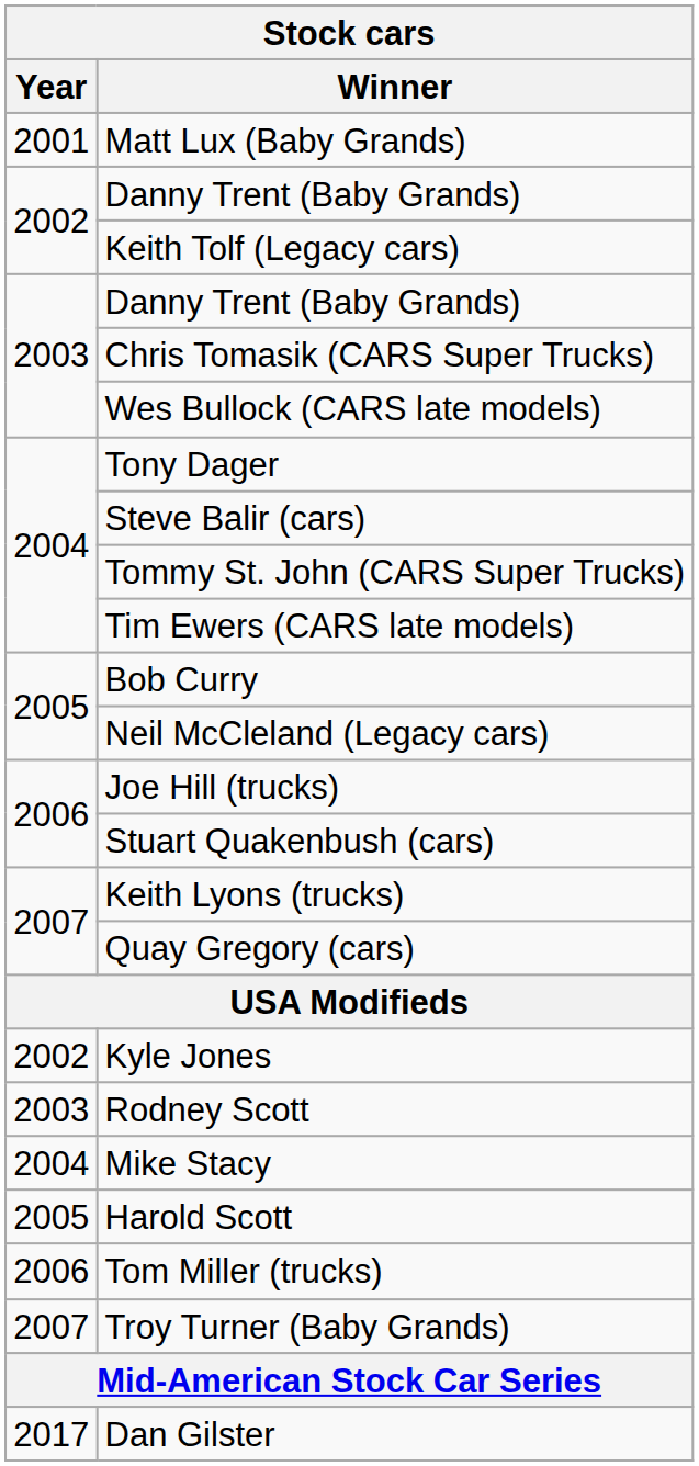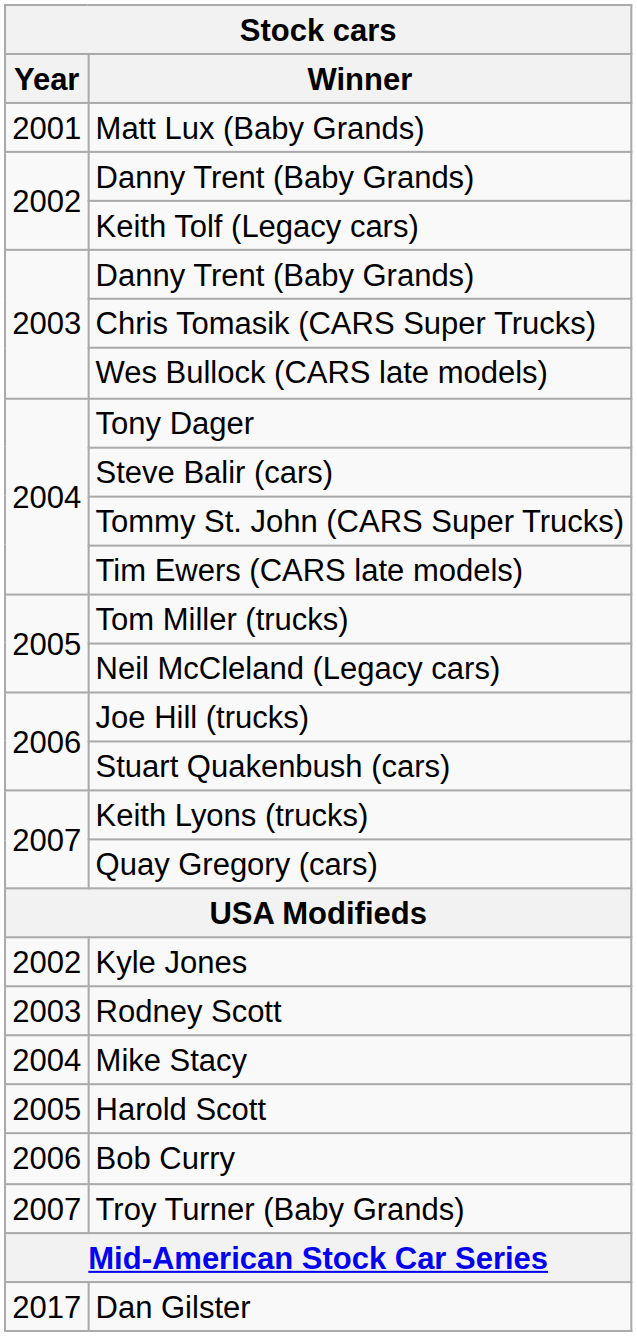 <table class="wikitable" style="font-size: 95%;">
 <tr>
 <th colspan=2>Stock cars</th>
 </tr>
 <tr>
 <th>Year</th>
 <th>Winner</th>
 </tr>
 <tr>
 <td>2001</td>
 <td>Matt Lux (Baby Grands)</td>
 </tr>
 <tr>
 <td rowspan=2>2002</td>
 <td>Danny Trent (Baby Grands)</td>
 </tr>
 <tr>
 <td>Keith Tolf (Legacy cars)</td>
 </tr>
 <tr>
 <td rowspan=3>2003</td>
 <td>Danny Trent (Baby Grands)</td>
 </tr>
 <tr>
 <td>Chris Tomasik (CARS Super Trucks)</td>
 </tr>
 <tr>
 <td>Wes Bullock (CARS late models)</td>
 </tr>
 <tr>
 <td rowspan=4>2004</td>
 <td>Tony Dager</td>
 </tr>
 <tr>
 <td>Steve Balir (cars)</td>
 </tr>
 <tr>
 <td>Tommy St. John (CARS Super Trucks)</td>
 </tr>
 <tr>
 <td>Tim Ewers (CARS late models)</td>
 </tr>
 <tr>
 <td rowspan=2>2005</td>
-<td>Bob Curry</td>
+<td>Tom Miller (trucks)</td>
 </tr>
 <tr>
 <td>Neil McCleland (Legacy cars)</td>
 </tr>
 <tr>
 <td rowspan=2>2006</td>
 <td>Joe Hill (trucks)</td>
 </tr>
 <tr>
 <td>Stuart Quakenbush (cars)</td>
 </tr>
 <tr>
 <td rowspan=2>2007</td>
 <td>Keith Lyons (trucks)</td>
 </tr>
 <tr>
 <td>Quay Gregory (cars)</td>
 </tr>
 <tr>
 <th colspan=2>USA Modifieds</th>
 </tr>
 <tr>
 <td>2002</td>
 <td>Kyle Jones</td>
 </tr>
 <tr>
 <td>2003</td>
 <td>Rodney Scott</td>
 </tr>
 <tr>
 <td>2004</td>
 <td>Mike Stacy</td>
 </tr>
 <tr>
 <td>2005</td>
 <td>Harold Scott</td>
 </tr>
 <tr>
 <td>2006</td>
-<td>Tom Miller (trucks)</td>
+<td>Bob Curry</td>
 </tr>
 <tr>
 <td>2007</td>
 <td>Troy Turner (Baby Grands)</td>
 </tr>
 <tr>
 <th colspan=2><a href='#'>Mid-American Stock Car Series</a></th>
 </tr>
 <tr>
 <td>2017</td>
 <td>Dan Gilster</td>
 </tr>
 </table>
